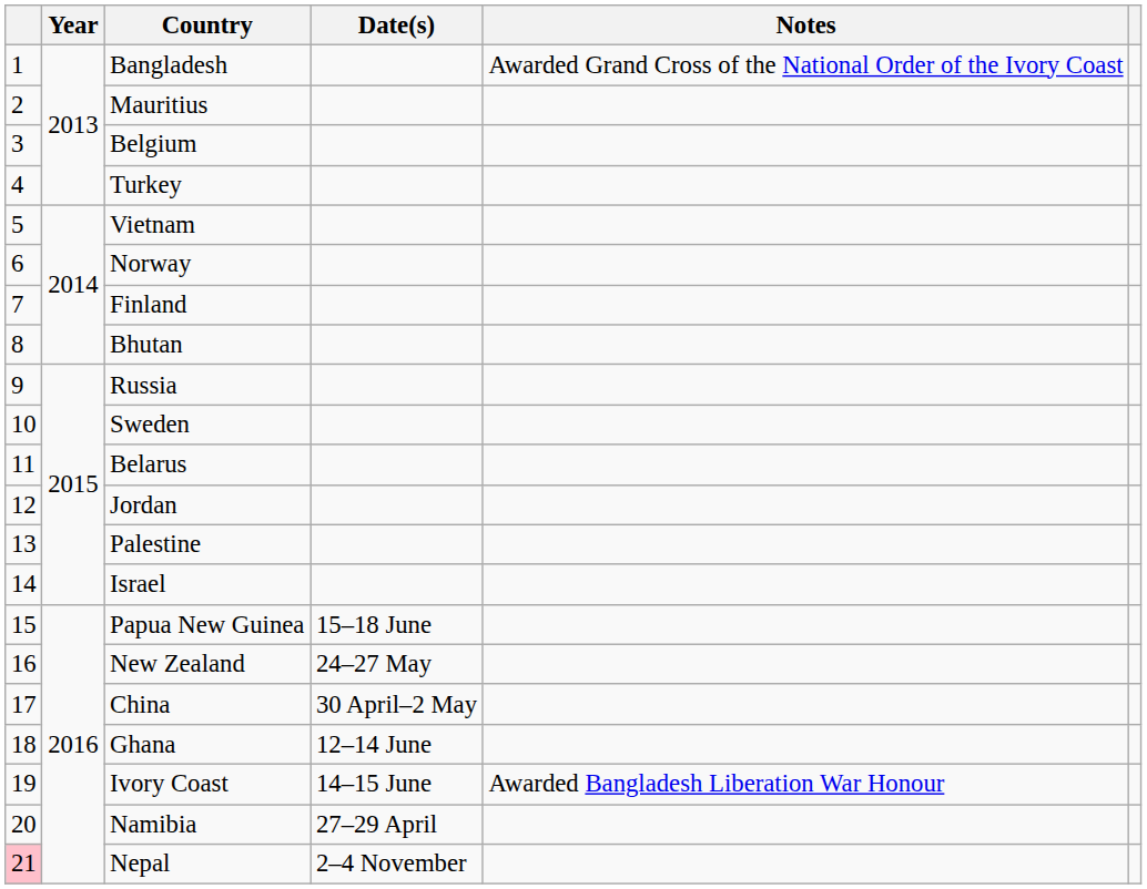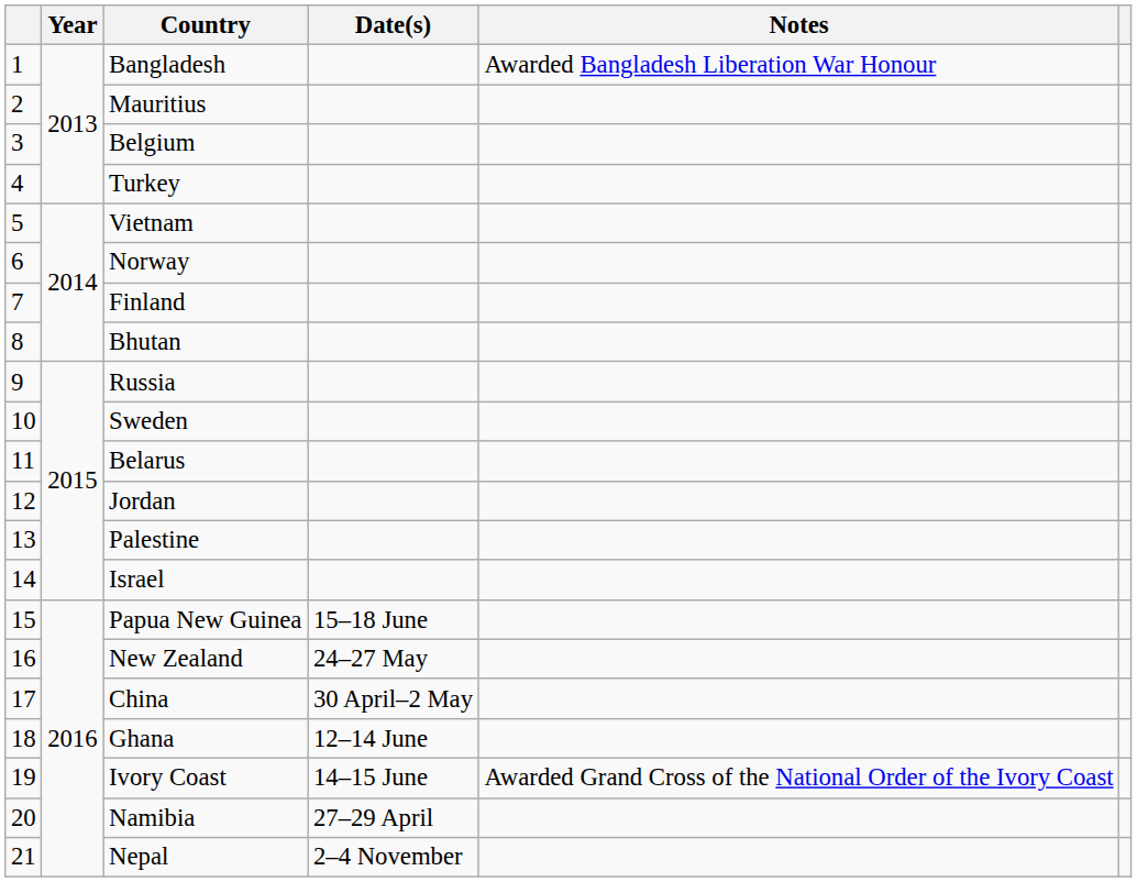 <table class="wikitable">
 <tr>
 <th></th>
 <th>Year</th>
 <th>Country</th>
 <th>Date(s)</th>
 <th>Notes</th>
 <th></th>
 </tr>
 <tr>
 <td>1</td>
 <td rowspan="4">2013</td>
 <td>Bangladesh</td>
 <td></td>
-<td>Awarded Grand Cross of the <a href='#'>National Order of the Ivory Coast</a></td>
+<td>Awarded <a href='#'>Bangladesh Liberation War Honour</a></td>
 <td></td>
 </tr>
 <tr>
 <td>2</td>
 <td>Mauritius</td>
 <td></td>
 <td></td>
 <td></td>
 </tr>
 <tr>
 <td>3</td>
 <td>Belgium</td>
 <td></td>
 <td></td>
 <td></td>
 </tr>
 <tr>
 <td>4</td>
 <td>Turkey</td>
 <td></td>
 <td></td>
 <td></td>
 </tr>
 <tr>
 <td>5</td>
 <td rowspan="4">2014</td>
 <td>Vietnam</td>
 <td></td>
 <td></td>
 <td></td>
 </tr>
 <tr>
 <td>6</td>
 <td>Norway</td>
 <td></td>
 <td></td>
 <td></td>
 </tr>
 <tr>
 <td>7</td>
 <td>Finland</td>
 <td></td>
 <td></td>
 <td></td>
 </tr>
 <tr>
 <td>8</td>
 <td>Bhutan</td>
 <td></td>
 <td></td>
 <td></td>
 </tr>
 <tr>
 <td>9</td>
 <td rowspan="6">2015</td>
 <td>Russia</td>
 <td></td>
 <td></td>
 <td></td>
 </tr>
 <tr>
 <td>10</td>
 <td>Sweden</td>
 <td></td>
 <td></td>
 <td></td>
 </tr>
 <tr>
 <td>11</td>
 <td>Belarus</td>
 <td></td>
 <td></td>
 <td></td>
 </tr>
 <tr>
 <td>12</td>
 <td>Jordan</td>
 <td></td>
 <td></td>
 <td></td>
 </tr>
 <tr>
 <td>13</td>
 <td>Palestine</td>
 <td></td>
 <td></td>
 <td></td>
 </tr>
 <tr>
 <td>14</td>
 <td>Israel</td>
 <td></td>
 <td></td>
 <td></td>
 </tr>
 <tr>
 <td>15</td>
 <td rowspan="7">2016</td>
 <td>Papua New Guinea</td>
 <td>15–18 June</td>
 <td></td>
 <td></td>
 </tr>
 <tr>
 <td>16</td>
 <td>New Zealand</td>
 <td>24–27 May</td>
 <td></td>
 <td></td>
 </tr>
 <tr>
 <td>17</td>
 <td>China</td>
 <td>30 April–2 May</td>
 <td></td>
 <td></td>
 </tr>
 <tr>
 <td>18</td>
 <td>Ghana</td>
 <td>12–14 June</td>
 <td></td>
 <td></td>
 </tr>
 <tr>
 <td>19</td>
 <td>Ivory Coast</td>
 <td>14–15 June</td>
-<td>Awarded <a href='#'>Bangladesh Liberation War Honour</a></td>
+<td>Awarded Grand Cross of the <a href='#'>National Order of the Ivory Coast</a></td>
 <td></td>
 </tr>
 <tr>
 <td>20</td>
 <td>Namibia</td>
 <td>27–29 April</td>
 <td></td>
 <td></td>
 </tr>
 <tr>
-<td style="background: pink;">21</td>
+<td>21</td>
 <td>Nepal</td>
 <td>2–4 November</td>
 <td></td>
 <td></td>
 </tr>
 </table>
